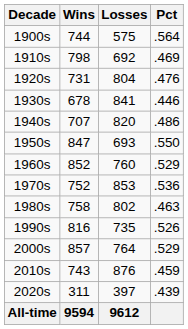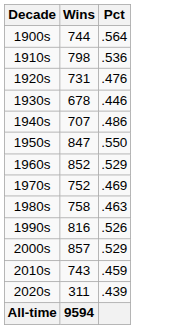 <table class="wikitable" style="text-align:center">
 <tr>
 <th style="text-align:center; ">Decade</th>
 <th style="text-align:center; ">Wins</th>
-<th style="text-align:center; ">Losses</th>
 <th style="text-align:center; ">Pct</th>
 </tr>
 <tr>
 <td>1900s</td>
 <td>744</td>
-<td>575</td>
 <td>.564</td>
 </tr>
 <tr>
 <td>1910s</td>
 <td>798</td>
-<td>692</td>
-<td>.469</td>
+<td>.536</td>
 </tr>
 <tr>
 <td>1920s</td>
 <td>731</td>
-<td>804</td>
 <td>.476</td>
 </tr>
 <tr>
 <td>1930s</td>
 <td>678</td>
-<td>841</td>
 <td>.446</td>
 </tr>
 <tr>
 <td>1940s</td>
 <td>707</td>
-<td>820</td>
 <td>.486</td>
 </tr>
 <tr>
 <td>1950s</td>
 <td>847</td>
-<td>693</td>
 <td>.550</td>
 </tr>
 <tr>
 <td>1960s</td>
 <td>852</td>
-<td>760</td>
 <td>.529</td>
 </tr>
 <tr>
 <td>1970s</td>
 <td>752</td>
-<td>853</td>
-<td>.536</td>
+<td>.469</td>
 </tr>
 <tr>
 <td>1980s</td>
 <td>758</td>
-<td>802</td>
 <td>.463</td>
 </tr>
 <tr>
 <td>1990s</td>
 <td>816</td>
-<td>735</td>
 <td>.526</td>
 </tr>
 <tr>
 <td>2000s</td>
 <td>857</td>
-<td>764</td>
 <td>.529</td>
 </tr>
 <tr>
 <td>2010s</td>
 <td>743</td>
-<td>876</td>
 <td>.459</td>
 </tr>
 <tr>
 <td>2020s</td>
 <td>311</td>
-<td>397</td>
 <td>.439</td>
 </tr>
 <tr style="background:#f0f0f0; font-weight:bold">
 <th style="text-align:center; ">All-time</th>
 <th style="text-align:center; ">9594</th>
-<th style="text-align:center; ">9612</th>
 <th style="text-align:center; "></th>
 </tr>
 </table>
